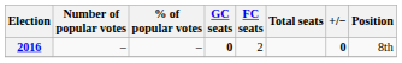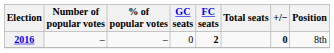 <table class="wikitable" style="text-align: right;">
 <tr align=center>
 <th><strong>Election</strong></th>
 <th>Number of<br>popular votes</th>
 <th>% of<br>popular votes</th>
 <th><a href='#'>GC</a><br>seats</th>
 <th><a href='#'>FC</a><br>seats</th>
 <th>Total seats</th>
 <th>+/−</th>
 <th>Position</th>
 </tr>
 <tr>
 <th><a href='#'>2016</a></th>
 <td>–</td>
 <td>–</td>
-<td><strong>0</strong></td>
-<td>2</td>
+<td>0</td>
+<td><strong>2</strong></td>
 <td></td>
 <td><strong>0</strong></td>
 <td>8th</td>
 </tr>
 <tr>
 </tr>
 </table>
